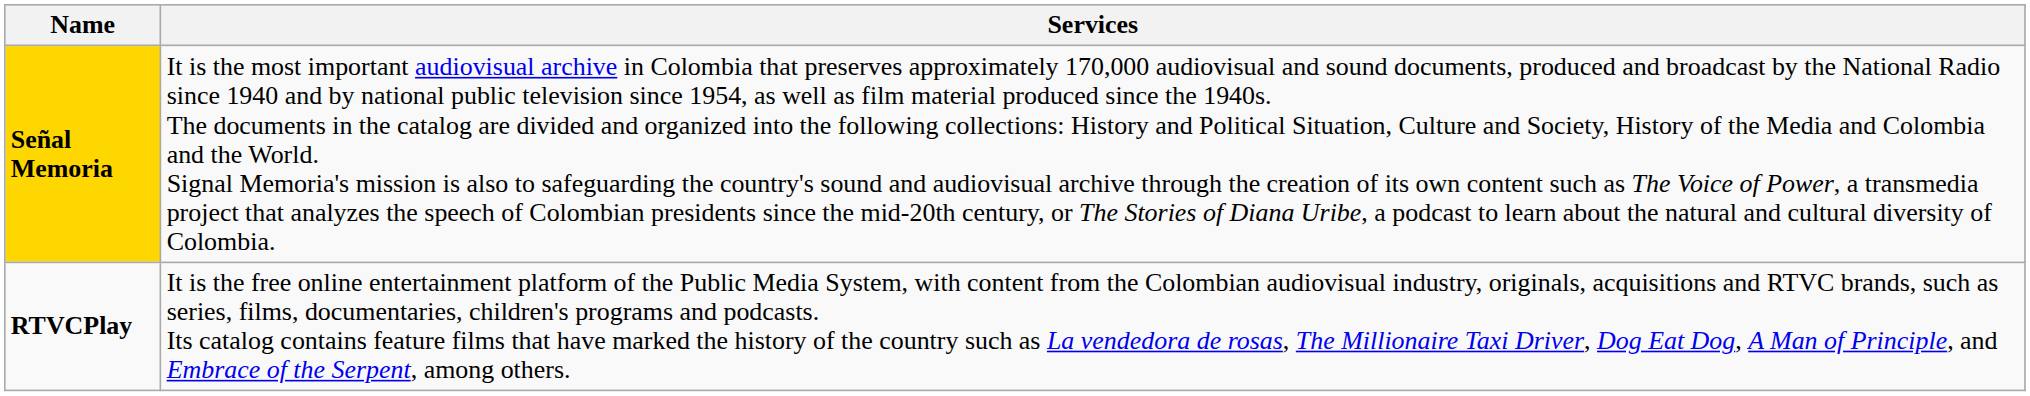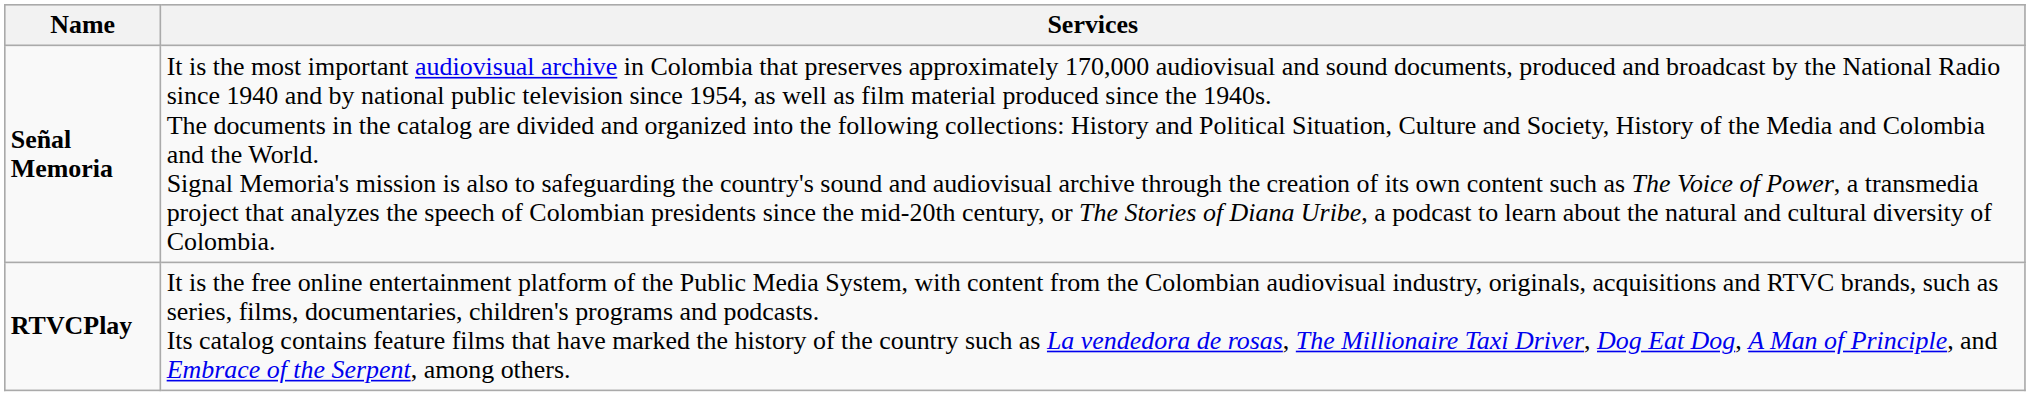 <table class="wikitable">
 <tr>
 <th>Name</th>
 <th>Services</th>
 </tr>
 <tr>
-<td style="background: gold;"><strong>Señal Memoria</strong></td>
+<td><strong>Señal Memoria</strong></td>
 <td>It is the most important <a href='#'>audiovisual archive</a> in Colombia that preserves approximately 170,000 audiovisual and sound documents, produced and broadcast by the National Radio since 1940 and by national public television since 1954, as well as film material produced since the 1940s.<br>The documents in the catalog are divided and organized into the following collections: History and Political Situation, Culture and Society, History of the Media and Colombia and the World.<br>Signal Memoria's mission is also to safeguarding the country's sound and audiovisual archive through the creation of its own content such as <em>The Voice of Power</em>, a transmedia project that analyzes the speech of Colombian presidents since the mid-20th century, or <em>The Stories of Diana Uribe</em>, a podcast to learn about the natural and cultural diversity of Colombia.</td>
 </tr>
 <tr>
 <td><strong>RTVCPlay</strong></td>
 <td>It is the free online entertainment platform of the Public Media System, with content from the Colombian audiovisual industry, originals, acquisitions and RTVC brands, such as series, films, documentaries, children's programs and podcasts.<br>Its catalog contains feature films that have marked the history of the country such as <em><a href='#'>La vendedora de rosas</a></em>, <em><a href='#'>The Millionaire Taxi Driver</a></em>, <a href='#'><em>Dog Eat Dog</em></a>, <em><a href='#'>A Man of Principle</a></em>, and <em><a href='#'>Embrace of the Serpent</a></em>, among others.</td>
 </tr>
 </table>
